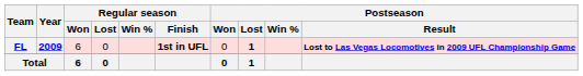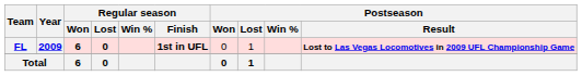 <table class="wikitable" style="font-size: 95%; text-align:center;">
 <tr>
 <th rowspan="2">Team</th>
 <th rowspan="2">Year</th>
 <th colspan="4">Regular season</th>
 <th colspan="4">Postseason</th>
 </tr>
 <tr>
 <th>Won</th>
 <th>Lost</th>
 <th>Win %</th>
 <th>Finish</th>
 <th>Won</th>
 <th>Lost</th>
 <th>Win %</th>
 <th>Result</th>
 </tr>
 <tr style="background:#fdd;" !>
 <th><a href='#'>FL</a></th>
 <th><a href='#'>2009</a></th>
-<td>6</td>
-<td>0</td>
+<td><strong>6</strong></td>
+<td><strong>0</strong></td>
 <td></td>
 <td><strong>1st in UFL</strong></td>
 <td>0</td>
-<td><strong>1</strong></td>
+<td>1</td>
 <td></td>
 <td><small><strong>Lost to <a href='#'>Las Vegas Locomotives</a> in <a href='#'>2009 UFL Championship Game</a></strong></small></td>
 </tr>
 <tr>
 </tr>
 <tr>
 <th colspan="2">Total</th>
 <th>6</th>
 <th>0</th>
 <th></th>
 <th></th>
 <th>0</th>
 <th>1</th>
 <th></th>
 <th></th>
 </tr>
 </table>
